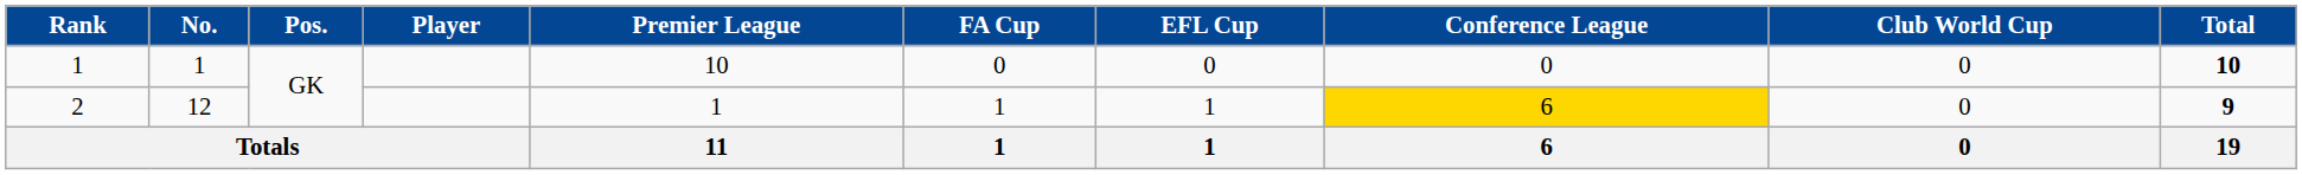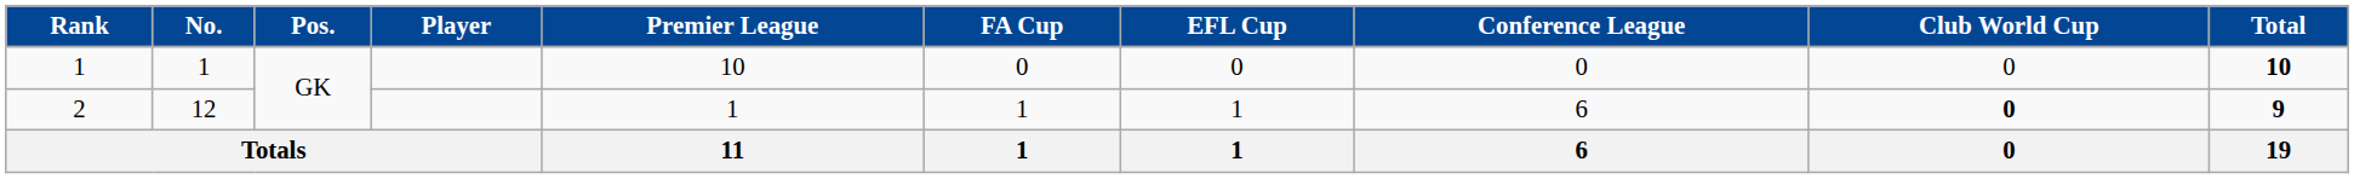 <table class="wikitable sortable" style="text-align:center; font-size:85%; width:100%">
 <tr>
 <th style=background-color:#034694;color:#FFFFFF>Rank</th>
 <th style=background-color:#034694;color:#FFFFFF>No.</th>
 <th style=background-color:#034694;color:#FFFFFF>Pos.</th>
 <th style=background-color:#034694;color:#FFFFFF>Player</th>
 <th style=background-color:#034694;color:#FFFFFF>Premier League</th>
 <th style=background-color:#034694;color:#FFFFFF>FA Cup</th>
 <th style=background-color:#034694;color:#FFFFFF>EFL Cup</th>
 <th style=background-color:#034694;color:#FFFFFF>Conference League</th>
 <th style=background-color:#034694;color:#FFFFFF>Club World Cup</th>
 <th style=background-color:#034694;color:#FFFFFF>Total</th>
 </tr>
 <tr>
 <td>1</td>
 <td>1</td>
 <td rowspan=2>GK</td>
 <td align=left> </td>
 <td>10</td>
 <td>0</td>
 <td>0</td>
 <td>0</td>
 <td>0</td>
 <td><strong>10</strong></td>
 </tr>
 <tr>
 <td>2</td>
 <td>12</td>
 <td align=left> </td>
 <td>1</td>
 <td>1</td>
 <td>1</td>
-<td style="background: gold;">6</td>
-<td>0</td>
+<td>6</td>
+<td><strong>0</strong></td>
 <td><strong>9</strong></td>
 </tr>
 <tr>
 <th colspan=4><strong>Totals</strong></th>
 <th><strong>11</strong></th>
 <th><strong>1</strong></th>
 <th><strong>1</strong></th>
 <th><strong>6</strong></th>
 <th><strong>0</strong></th>
 <th><strong>19</strong></th>
 </tr>
 </table>
